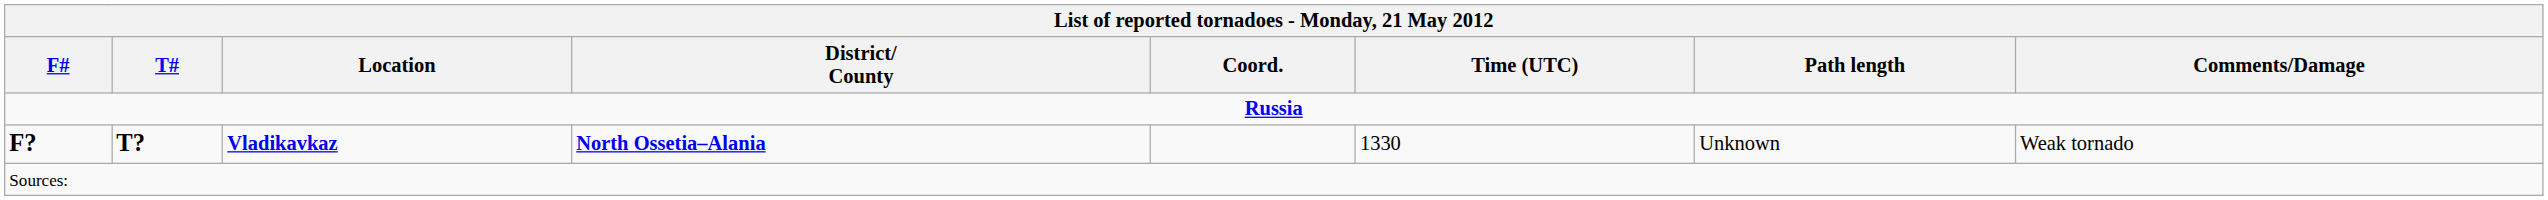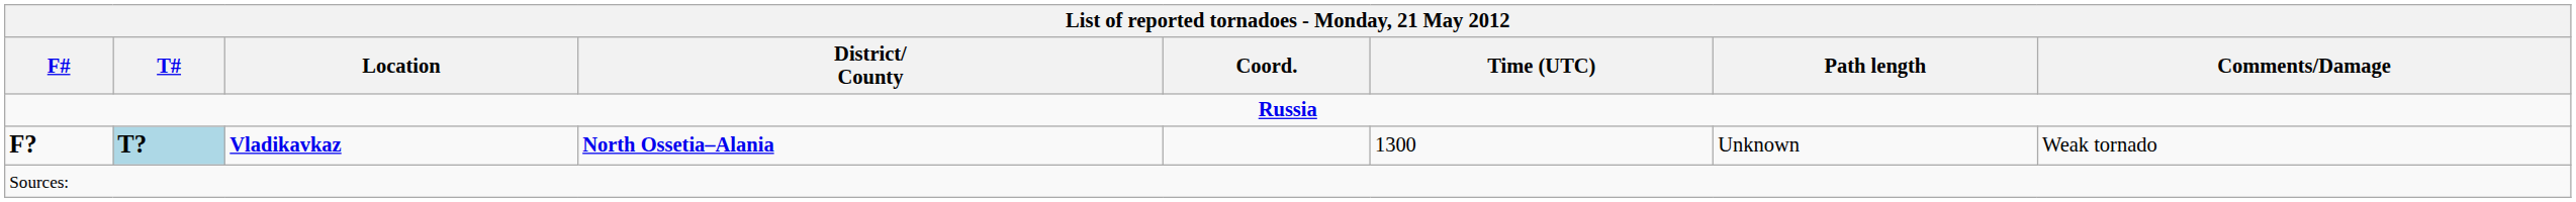 <table class="wikitable collapsible" width="100%">
 <tr>
 <th colspan="8">List of reported tornadoes - Monday, 21 May 2012</th>
 </tr>
 <tr>
 <th><a href='#'>F#</a></th>
 <th><a href='#'>T#</a></th>
 <th>Location</th>
 <th>District/<br>County</th>
 <th>Coord.</th>
 <th>Time (UTC)</th>
 <th>Path length</th>
 <th>Comments/Damage</th>
 </tr>
 <tr>
 <td colspan="8" align=center><strong><a href='#'>Russia</a></strong></td>
 </tr>
 <tr>
 <td><big><strong>F?</strong></big></td>
-<td><big><strong>T?</strong></big></td>
+<td style="background: lightblue;"><big><strong>T?</strong></big></td>
 <td><strong><a href='#'>Vladikavkaz</a></strong></td>
 <td><strong><a href='#'>North Ossetia–Alania</a></strong></td>
 <td></td>
-<td>1330</td>
+<td>1300</td>
 <td>Unknown</td>
 <td>Weak tornado</td>
 </tr>
 <tr>
 <td colspan="8"><small>Sources:  </small></td>
 </tr>
 </table>
